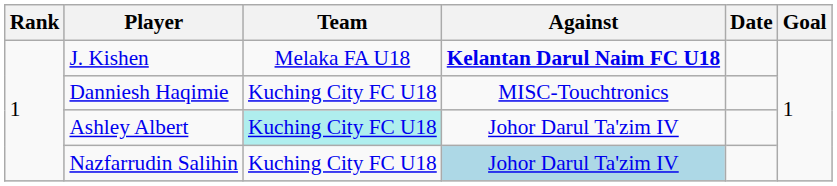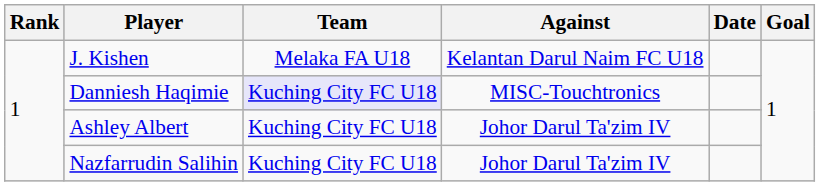 <table class="wikitable" style="text-align:center; font-size:90%">
 <tr>
 <th>Rank</th>
 <th>Player</th>
 <th>Team</th>
 <th>Against</th>
 <th>Date</th>
 <th>Goal</th>
 </tr>
 <tr>
 <td rowspan="4" style="text-align:left">1</td>
 <td align="left"><a href='#'>J. Kishen</a></td>
 <td><a href='#'>Melaka FA U18</a></td>
-<td><strong><a href='#'>Kelantan Darul Naim FC U18</a></strong></td>
+<td><a href='#'>Kelantan Darul Naim FC U18</a></td>
 <td></td>
 <td rowspan="4" style="text-align:left">1</td>
 </tr>
 <tr>
 <td align="left"><a href='#'>Danniesh Haqimie</a></td>
-<td><a href='#'>Kuching City FC U18</a></td>
+<td style="background: lavender;"><a href='#'>Kuching City FC U18</a></td>
 <td><a href='#'>MISC-Touchtronics</a></td>
 <td></td>
 </tr>
 <tr>
 <td align="left"><a href='#'>Ashley Albert</a></td>
-<td style="background: paleturquoise;"><a href='#'>Kuching City FC U18</a></td>
+<td><a href='#'>Kuching City FC U18</a></td>
 <td><a href='#'>Johor Darul Ta'zim IV</a></td>
 <td></td>
 </tr>
 <tr>
 <td align="left"><a href='#'>Nazfarrudin Salihin</a></td>
 <td><a href='#'>Kuching City FC U18</a></td>
-<td style="background: lightblue;"><a href='#'>Johor Darul Ta'zim IV</a></td>
+<td><a href='#'>Johor Darul Ta'zim IV</a></td>
 <td></td>
 </tr>
 </table>
